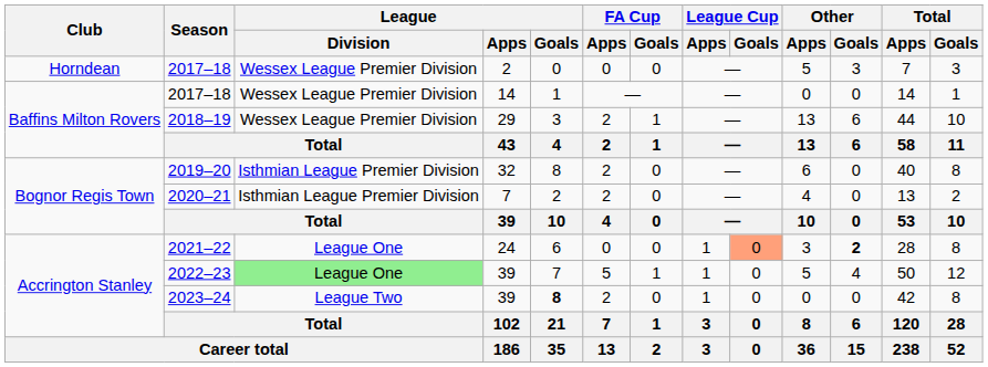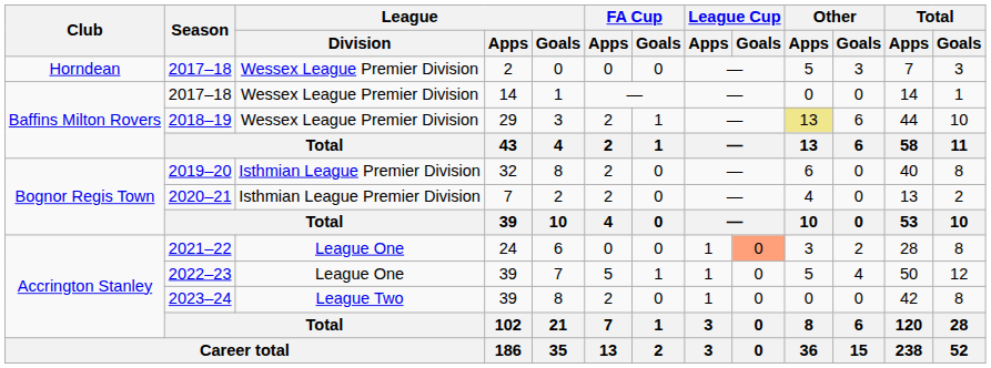 <table class="wikitable" style="text-align:center">
 <tr>
 <th rowspan="2">Club</th>
 <th rowspan="2">Season</th>
 <th colspan="3">League</th>
 <th colspan="2"><a href='#'>FA Cup</a></th>
 <th colspan="2"><a href='#'>League Cup</a></th>
 <th colspan="2">Other</th>
 <th colspan="2">Total</th>
 </tr>
 <tr>
 <th>Division</th>
 <th>Apps</th>
 <th>Goals</th>
 <th>Apps</th>
 <th>Goals</th>
 <th>Apps</th>
 <th>Goals</th>
 <th>Apps</th>
 <th>Goals</th>
 <th>Apps</th>
 <th>Goals</th>
 </tr>
 <tr>
 <td><a href='#'>Horndean</a></td>
 <td><a href='#'>2017–18</a></td>
 <td><a href='#'>Wessex League</a> Premier Division</td>
 <td>2</td>
 <td>0</td>
 <td>0</td>
 <td>0</td>
 <td colspan="2">—</td>
 <td>5</td>
 <td>3</td>
 <td>7</td>
 <td>3</td>
 </tr>
 <tr>
 <td rowspan="3"><a href='#'>Baffins Milton Rovers</a></td>
 <td>2017–18</td>
 <td>Wessex League Premier Division</td>
 <td>14</td>
 <td>1</td>
 <td colspan="2">—</td>
 <td colspan="2">—</td>
 <td>0</td>
 <td>0</td>
 <td>14</td>
 <td>1</td>
 </tr>
 <tr>
 <td><a href='#'>2018–19</a></td>
 <td>Wessex League Premier Division</td>
 <td>29</td>
 <td>3</td>
 <td>2</td>
 <td>1</td>
 <td colspan="2">—</td>
-<td>13</td>
+<td style="background: khaki;">13</td>
 <td>6</td>
 <td>44</td>
 <td>10</td>
 </tr>
 <tr>
 <th colspan="2">Total</th>
 <th>43</th>
 <th>4</th>
 <th>2</th>
 <th>1</th>
 <th colspan="2">—</th>
 <th>13</th>
 <th>6</th>
 <th>58</th>
 <th>11</th>
 </tr>
 <tr>
 <td rowspan="3"><a href='#'>Bognor Regis Town</a></td>
 <td><a href='#'>2019–20</a></td>
 <td><a href='#'>Isthmian League</a> Premier Division</td>
 <td>32</td>
 <td>8</td>
 <td>2</td>
 <td>0</td>
 <td colspan="2">—</td>
 <td>6</td>
 <td>0</td>
 <td>40</td>
 <td>8</td>
 </tr>
 <tr>
 <td><a href='#'>2020–21</a></td>
 <td>Isthmian League Premier Division</td>
 <td>7</td>
 <td>2</td>
 <td>2</td>
 <td>0</td>
 <td colspan="2">—</td>
 <td>4</td>
 <td>0</td>
 <td>13</td>
 <td>2</td>
 </tr>
 <tr>
 <th colspan="2">Total</th>
 <th>39</th>
 <th>10</th>
 <th>4</th>
 <th>0</th>
 <th colspan="2">—</th>
 <th>10</th>
 <th>0</th>
 <th>53</th>
 <th>10</th>
 </tr>
 <tr>
 <td rowspan="4"><a href='#'>Accrington Stanley</a></td>
 <td><a href='#'>2021–22</a></td>
 <td><a href='#'>League One</a></td>
 <td>24</td>
 <td>6</td>
 <td>0</td>
 <td>0</td>
 <td>1</td>
 <td style="background: lightsalmon;">0</td>
 <td>3</td>
-<td><strong>2</strong></td>
+<td>2</td>
 <td>28</td>
 <td>8</td>
 </tr>
 <tr>
 <td><a href='#'>2022–23</a></td>
-<td style="background: lightgreen;">League One</td>
+<td>League One</td>
 <td>39</td>
 <td>7</td>
 <td>5</td>
 <td>1</td>
 <td>1</td>
 <td>0</td>
 <td>5</td>
 <td>4</td>
 <td>50</td>
 <td>12</td>
 </tr>
 <tr>
 <td><a href='#'>2023–24</a></td>
 <td><a href='#'>League Two</a></td>
 <td>39</td>
-<td><strong>8</strong></td>
+<td>8</td>
 <td>2</td>
 <td>0</td>
 <td>1</td>
 <td>0</td>
 <td>0</td>
 <td>0</td>
 <td>42</td>
 <td>8</td>
 </tr>
 <tr>
 <th colspan="2">Total</th>
 <th>102</th>
 <th>21</th>
 <th>7</th>
 <th>1</th>
 <th>3</th>
 <th>0</th>
 <th>8</th>
 <th>6</th>
 <th>120</th>
 <th>28</th>
 </tr>
 <tr>
 <th colspan="3">Career total</th>
 <th>186</th>
 <th>35</th>
 <th>13</th>
 <th>2</th>
 <th>3</th>
 <th>0</th>
 <th>36</th>
 <th>15</th>
 <th>238</th>
 <th>52</th>
 </tr>
 </table>
